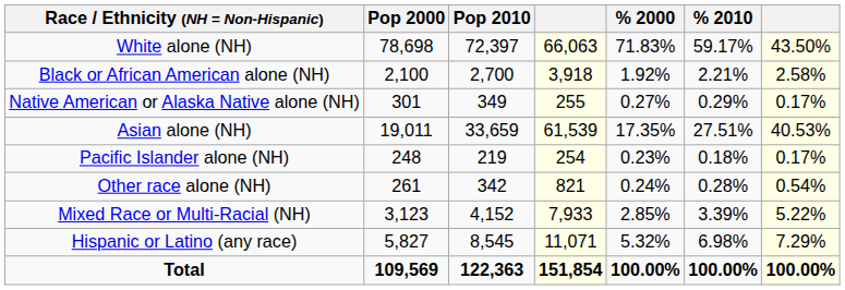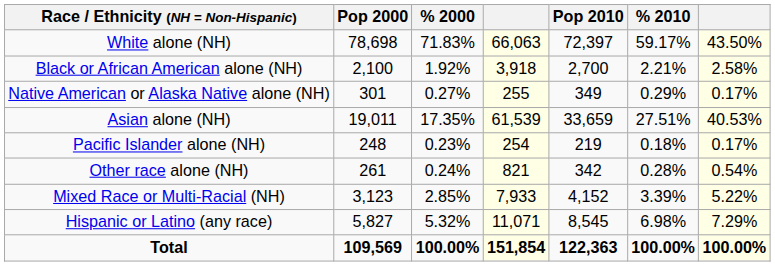 <table class="wikitable" style="text-align:center;">
 <tr>
 <th>Race / Ethnicity <small>(<em>NH = Non-Hispanic</em>)</small></th>
 <th>Pop 2000</th>
+<th>% 2000</th>
+<th></th>
 <th>Pop 2010</th>
-<th></th>
-<th>% 2000</th>
 <th>% 2010</th>
 <th></th>
 </tr>
 <tr>
 <td><a href='#'>White</a> alone (NH)</td>
 <td>78,698</td>
+<td>71.83%</td>
+<td style='background: #ffffe6;'>66,063</td>
 <td>72,397</td>
-<td style='background: #ffffe6;'>66,063</td>
-<td>71.83%</td>
 <td>59.17%</td>
 <td style='background: #ffffe6;'>43.50%</td>
 </tr>
 <tr>
 <td><a href='#'>Black or African American</a> alone (NH)</td>
 <td>2,100</td>
+<td>1.92%</td>
+<td style='background: #ffffe6;'>3,918</td>
 <td>2,700</td>
-<td style='background: #ffffe6;'>3,918</td>
-<td>1.92%</td>
 <td>2.21%</td>
 <td style='background: #ffffe6;'>2.58%</td>
 </tr>
 <tr>
 <td><a href='#'>Native American</a> or <a href='#'>Alaska Native</a> alone (NH)</td>
 <td>301</td>
+<td>0.27%</td>
+<td style='background: #ffffe6;'>255</td>
 <td>349</td>
-<td style='background: #ffffe6;'>255</td>
-<td>0.27%</td>
 <td>0.29%</td>
 <td style='background: #ffffe6;'>0.17%</td>
 </tr>
 <tr>
 <td><a href='#'>Asian</a> alone (NH)</td>
 <td>19,011</td>
+<td>17.35%</td>
+<td style='background: #ffffe6;'>61,539</td>
 <td>33,659</td>
-<td style='background: #ffffe6;'>61,539</td>
-<td>17.35%</td>
 <td>27.51%</td>
 <td style='background: #ffffe6;'>40.53%</td>
 </tr>
 <tr>
 <td><a href='#'>Pacific Islander</a> alone (NH)</td>
 <td>248</td>
+<td>0.23%</td>
+<td style='background: #ffffe6;'>254</td>
 <td>219</td>
-<td style='background: #ffffe6;'>254</td>
-<td>0.23%</td>
 <td>0.18%</td>
 <td style='background: #ffffe6;'>0.17%</td>
 </tr>
 <tr>
 <td><a href='#'>Other race</a> alone (NH)</td>
 <td>261</td>
+<td>0.24%</td>
+<td style='background: #ffffe6;'>821</td>
 <td>342</td>
-<td style='background: #ffffe6;'>821</td>
-<td>0.24%</td>
 <td>0.28%</td>
 <td style='background: #ffffe6;'>0.54%</td>
 </tr>
 <tr>
 <td><a href='#'>Mixed Race or Multi-Racial</a> (NH)</td>
 <td>3,123</td>
+<td>2.85%</td>
+<td style='background: #ffffe6;'>7,933</td>
 <td>4,152</td>
-<td style='background: #ffffe6;'>7,933</td>
-<td>2.85%</td>
 <td>3.39%</td>
 <td style='background: #ffffe6;'>5.22%</td>
 </tr>
 <tr>
 <td><a href='#'>Hispanic or Latino</a> (any race)</td>
 <td>5,827</td>
+<td>5.32%</td>
+<td style='background: #ffffe6;'>11,071</td>
 <td>8,545</td>
-<td style='background: #ffffe6;'>11,071</td>
-<td>5.32%</td>
 <td>6.98%</td>
 <td style='background: #ffffe6;'>7.29%</td>
 </tr>
 <tr>
 <td><strong>Total</strong></td>
 <td><strong>109,569</strong></td>
+<td><strong>100.00%</strong></td>
+<td style='background: #ffffe6;'><strong>151,854</strong></td>
 <td><strong>122,363</strong></td>
-<td style='background: #ffffe6;'><strong>151,854</strong></td>
-<td><strong>100.00%</strong></td>
 <td><strong>100.00%</strong></td>
 <td style='background: #ffffe6;'><strong>100.00%</strong></td>
 </tr>
 </table>
